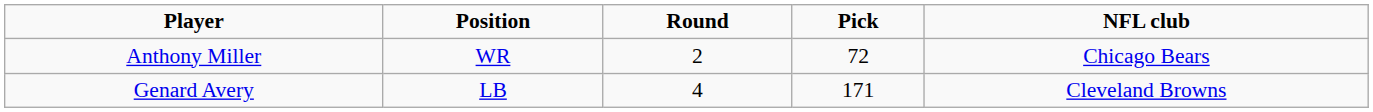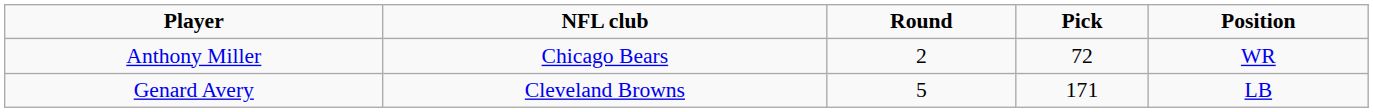 <table class="wikitable" width="80%">
 <tr align="center">
 <td><strong>Player</strong></td>
-<td><strong>Position</strong></td>
+<td><strong>NFL club</strong></td>
 <td><strong>Round</strong></td>
 <td><strong>Pick</strong></td>
-<td><strong>NFL club</strong></td>
+<td><strong>Position</strong></td>
 </tr>
 <tr align="center" bgcolor="">
 <td><a href='#'>Anthony Miller</a></td>
-<td><a href='#'>WR</a></td>
+<td><a href='#'>Chicago Bears</a></td>
 <td>2</td>
 <td>72</td>
-<td><a href='#'>Chicago Bears</a></td>
+<td><a href='#'>WR</a></td>
 </tr>
 <tr align="center" bgcolor="">
 <td><a href='#'>Genard Avery</a></td>
+<td><a href='#'>Cleveland Browns</a></td>
+<td>5</td>
+<td>171</td>
 <td><a href='#'>LB</a></td>
-<td>4</td>
-<td>171</td>
-<td><a href='#'>Cleveland Browns</a></td>
 </tr>
 </table>
